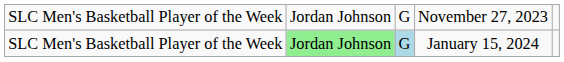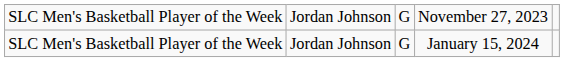 <table class="wikitable" style="text-align: center;">
 <tr align="center">
 <td rowspan="1">SLC Men's Basketball Player of the Week</td>
 <td>Jordan Johnson</td>
 <td>G</td>
 <td>November 27, 2023</td>
 <td></td>
 </tr>
 <tr align="center">
 <td rowspan="1">SLC Men's Basketball Player of the Week</td>
-<td style="background: lightgreen;">Jordan Johnson</td>
-<td style="background: lightblue;">G</td>
+<td>Jordan Johnson</td>
+<td>G</td>
 <td>January 15, 2024</td>
 <td></td>
 </tr>
 </table>
